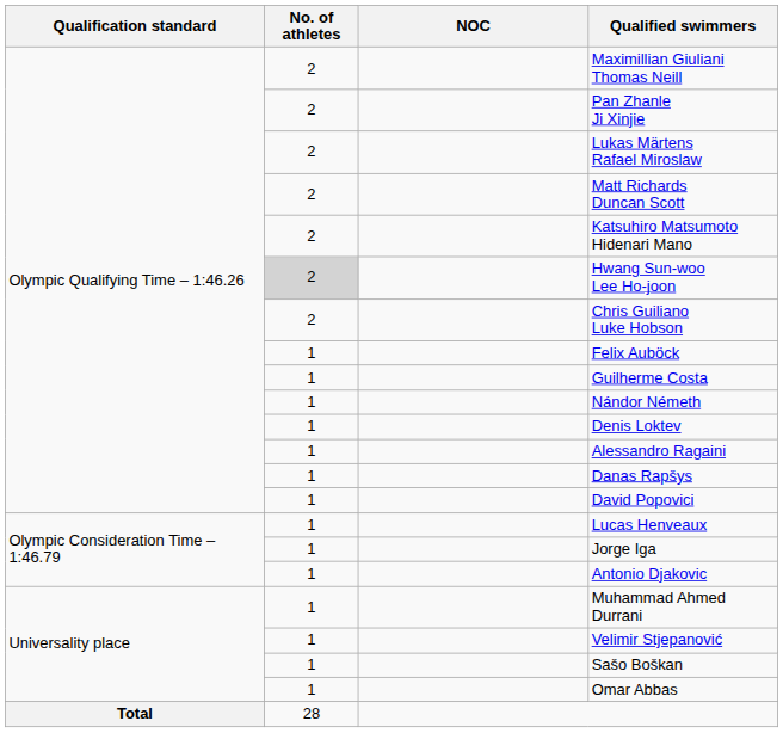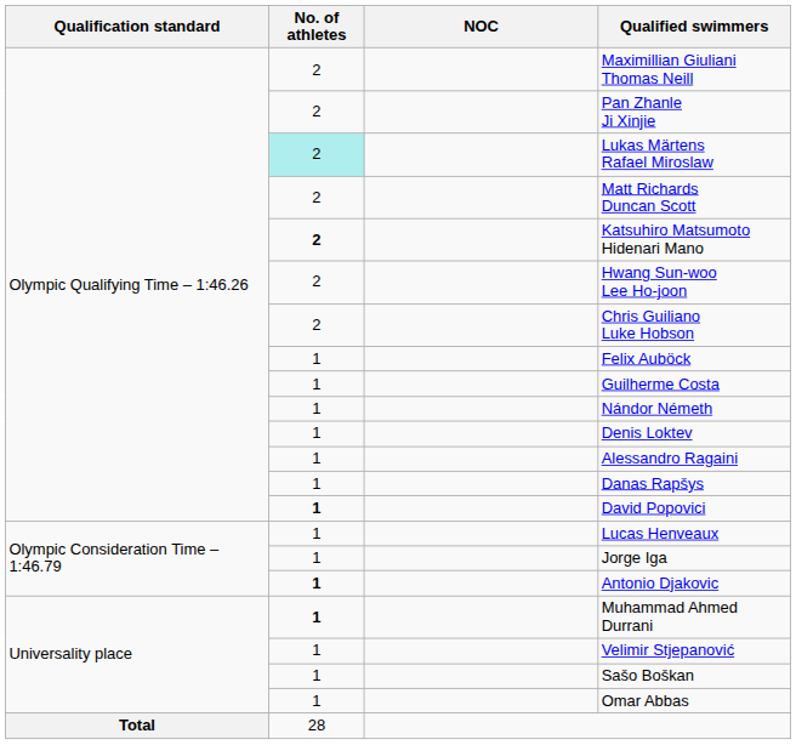 <table class=wikitable style="text-align:left" width=800>
 <tr>
 <th scope="col">Qualification standard</th>
 <th scope="col" width =90>No. of athletes</th>
 <th scope="col" width =230>NOC</th>
 <th scope="col">Qualified swimmers</th>
 </tr>
 <tr>
 <td rowspan=14>Olympic Qualifying Time – 1:46.26</td>
 <td align=center>2</td>
 <td></td>
 <td><a href='#'>Maximillian Giuliani</a><br><a href='#'>Thomas Neill</a></td>
 </tr>
 <tr>
 <td align=center>2</td>
 <td></td>
 <td><a href='#'>Pan Zhanle</a><br><a href='#'>Ji Xinjie</a></td>
 </tr>
 <tr>
-<td align=center>2</td>
+<td align=center style="background: paleturquoise;">2</td>
 <td></td>
 <td><a href='#'>Lukas Märtens</a><br><a href='#'>Rafael Miroslaw</a></td>
 </tr>
 <tr>
 <td align=center>2</td>
 <td></td>
 <td><a href='#'>Matt Richards</a><br><a href='#'>Duncan Scott</a></td>
 </tr>
 <tr>
-<td align=center>2</td>
+<td align=center><strong>2</strong></td>
 <td></td>
 <td><a href='#'>Katsuhiro Matsumoto</a><br>Hidenari Mano</td>
 </tr>
 <tr>
-<td align=center style="background: lightgrey;">2</td>
+<td align=center>2</td>
 <td></td>
 <td><a href='#'>Hwang Sun-woo</a><br><a href='#'>Lee Ho-joon</a></td>
 </tr>
 <tr>
 <td align=center>2</td>
 <td></td>
 <td><a href='#'>Chris Guiliano</a><br><a href='#'>Luke Hobson</a></td>
 </tr>
 <tr>
 <td align=center>1</td>
 <td></td>
 <td><a href='#'>Felix Auböck</a></td>
 </tr>
 <tr>
 <td align=center>1</td>
 <td></td>
 <td><a href='#'>Guilherme Costa</a></td>
 </tr>
 <tr>
 <td align=center>1</td>
 <td></td>
 <td><a href='#'>Nándor Németh</a></td>
 </tr>
 <tr>
 <td align=center>1</td>
 <td></td>
 <td><a href='#'>Denis Loktev</a></td>
 </tr>
 <tr>
 <td align=center>1</td>
 <td></td>
 <td><a href='#'>Alessandro Ragaini</a></td>
 </tr>
 <tr>
 <td align=center>1</td>
 <td></td>
 <td><a href='#'>Danas Rapšys</a></td>
 </tr>
 <tr>
-<td align=center>1</td>
+<td align=center><strong>1</strong></td>
 <td></td>
 <td><a href='#'>David Popovici</a></td>
 </tr>
 <tr>
 <td rowspan=3>Olympic Consideration Time – 1:46.79</td>
 <td align=center>1</td>
 <td></td>
 <td><a href='#'>Lucas Henveaux</a></td>
 </tr>
 <tr>
 <td align=center>1</td>
 <td></td>
 <td>Jorge Iga</td>
 </tr>
 <tr>
-<td align=center>1</td>
+<td align=center><strong>1</strong></td>
 <td></td>
 <td><a href='#'>Antonio Djakovic</a></td>
 </tr>
 <tr>
 <td rowspan=4>Universality place</td>
-<td align=center>1</td>
+<td align=center><strong>1</strong></td>
 <td></td>
 <td>Muhammad Ahmed Durrani</td>
 </tr>
 <tr>
 <td align=center>1</td>
 <td></td>
 <td><a href='#'>Velimir Stjepanović</a></td>
 </tr>
 <tr>
 <td align=center>1</td>
 <td></td>
 <td>Sašo Boškan</td>
 </tr>
 <tr>
 <td align=center>1</td>
 <td></td>
 <td>Omar Abbas</td>
 </tr>
 <tr>
 <th scope="row">Total</th>
 <td align=center>28</td>
 <td colspan=2></td>
 </tr>
 </table>
